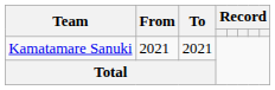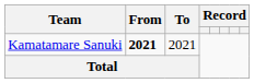 <table class=wikitable style="text-align:center">
 <tr>
 <th rowspan=2>Team</th>
 <th rowspan=2>From</th>
 <th rowspan=2>To</th>
 <th colspan=5>Record</th>
 </tr>
 <tr>
 <th></th>
 <th></th>
 <th></th>
 <th></th>
 <th></th>
 </tr>
 <tr>
 <td align=left><a href='#'>Kamatamare Sanuki</a></td>
-<td align=left>2021</td>
+<td align=left><strong>2021</strong></td>
 <td align=left>2021<br></td>
 </tr>
 <tr>
 <th colspan=3>Total<br></th>
 </tr>
 </table>
